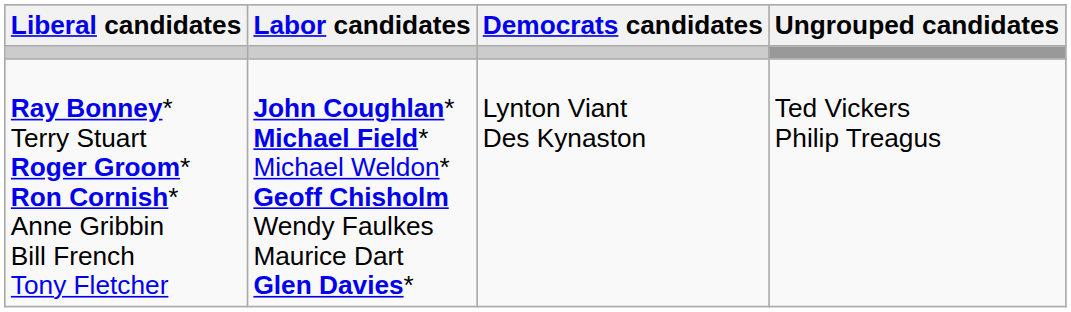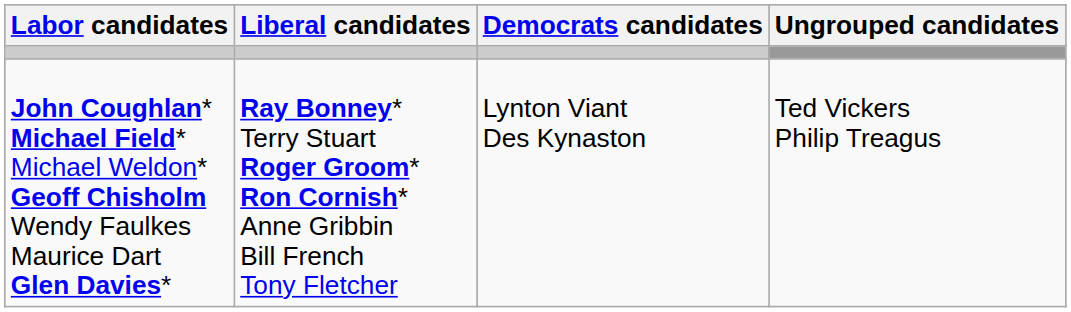 <table class="wikitable">
 <tr>
+<th><a href='#'>Labor</a> candidates</th>
 <th><a href='#'>Liberal</a> candidates</th>
-<th><a href='#'>Labor</a> candidates</th>
 <th><a href='#'>Democrats</a> candidates</th>
 <th>Ungrouped candidates</th>
 </tr>
 <tr bgcolor="#cccccc">
 <td></td>
 <td></td>
 <td></td>
 <td bgcolor="#999999"></td>
 </tr>
 <tr>
+<td><br><strong><a href='#'>John Coughlan</a></strong>*<br> <strong><a href='#'>Michael Field</a></strong>*<br> <a href='#'>Michael Weldon</a>*<br> <strong><a href='#'>Geoff Chisholm</a></strong><br> Wendy Faulkes<br> Maurice Dart<br> <strong><a href='#'>Glen Davies</a></strong>*</td>
 <td><br><strong><a href='#'>Ray Bonney</a></strong>*<br> Terry Stuart<br> <strong><a href='#'>Roger Groom</a></strong>*<br> <strong><a href='#'>Ron Cornish</a></strong>*<br> Anne Gribbin<br> Bill French<br> <a href='#'>Tony Fletcher</a></td>
-<td><br><strong><a href='#'>John Coughlan</a></strong>*<br> <strong><a href='#'>Michael Field</a></strong>*<br> <a href='#'>Michael Weldon</a>*<br> <strong><a href='#'>Geoff Chisholm</a></strong><br> Wendy Faulkes<br> Maurice Dart<br> <strong><a href='#'>Glen Davies</a></strong>*</td>
 <td valign=top><br>Lynton Viant<br> Des Kynaston</td>
 <td valign=top><br>Ted Vickers<br> Philip Treagus</td>
 </tr>
 </table>
